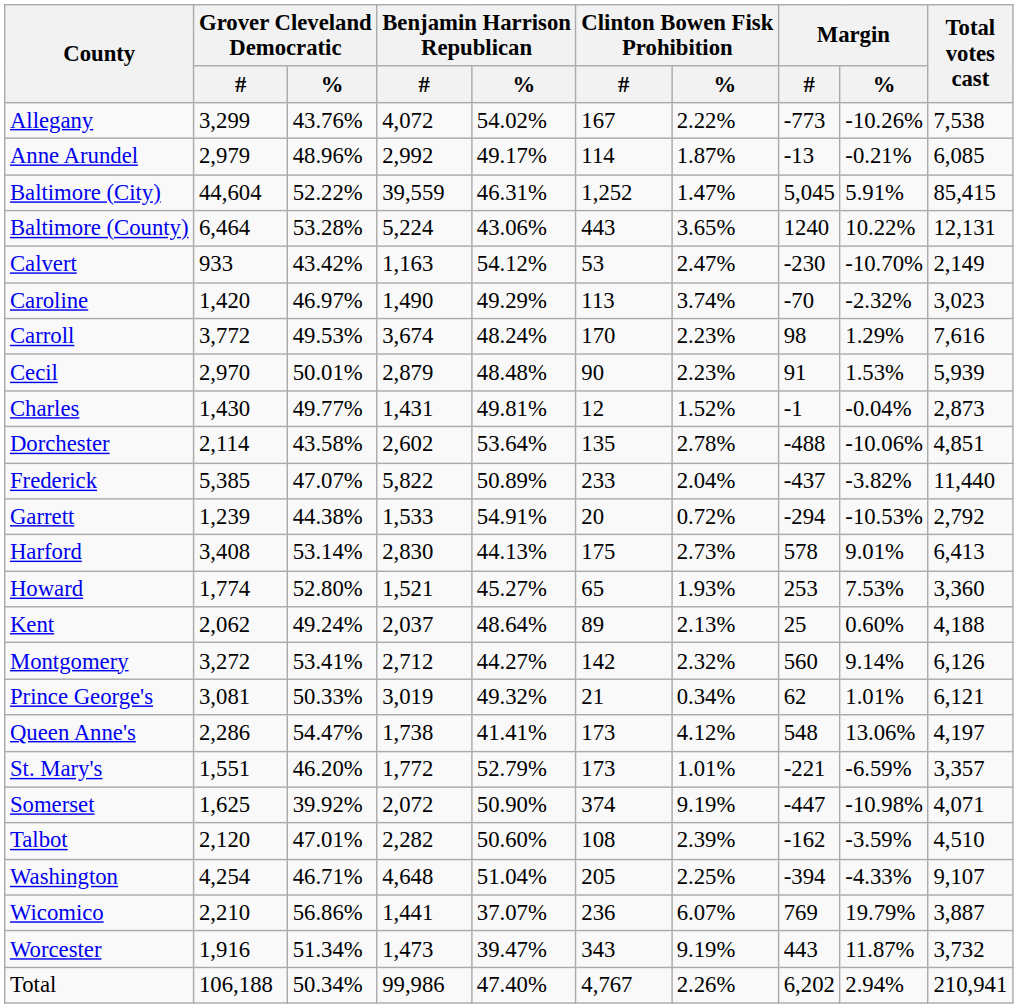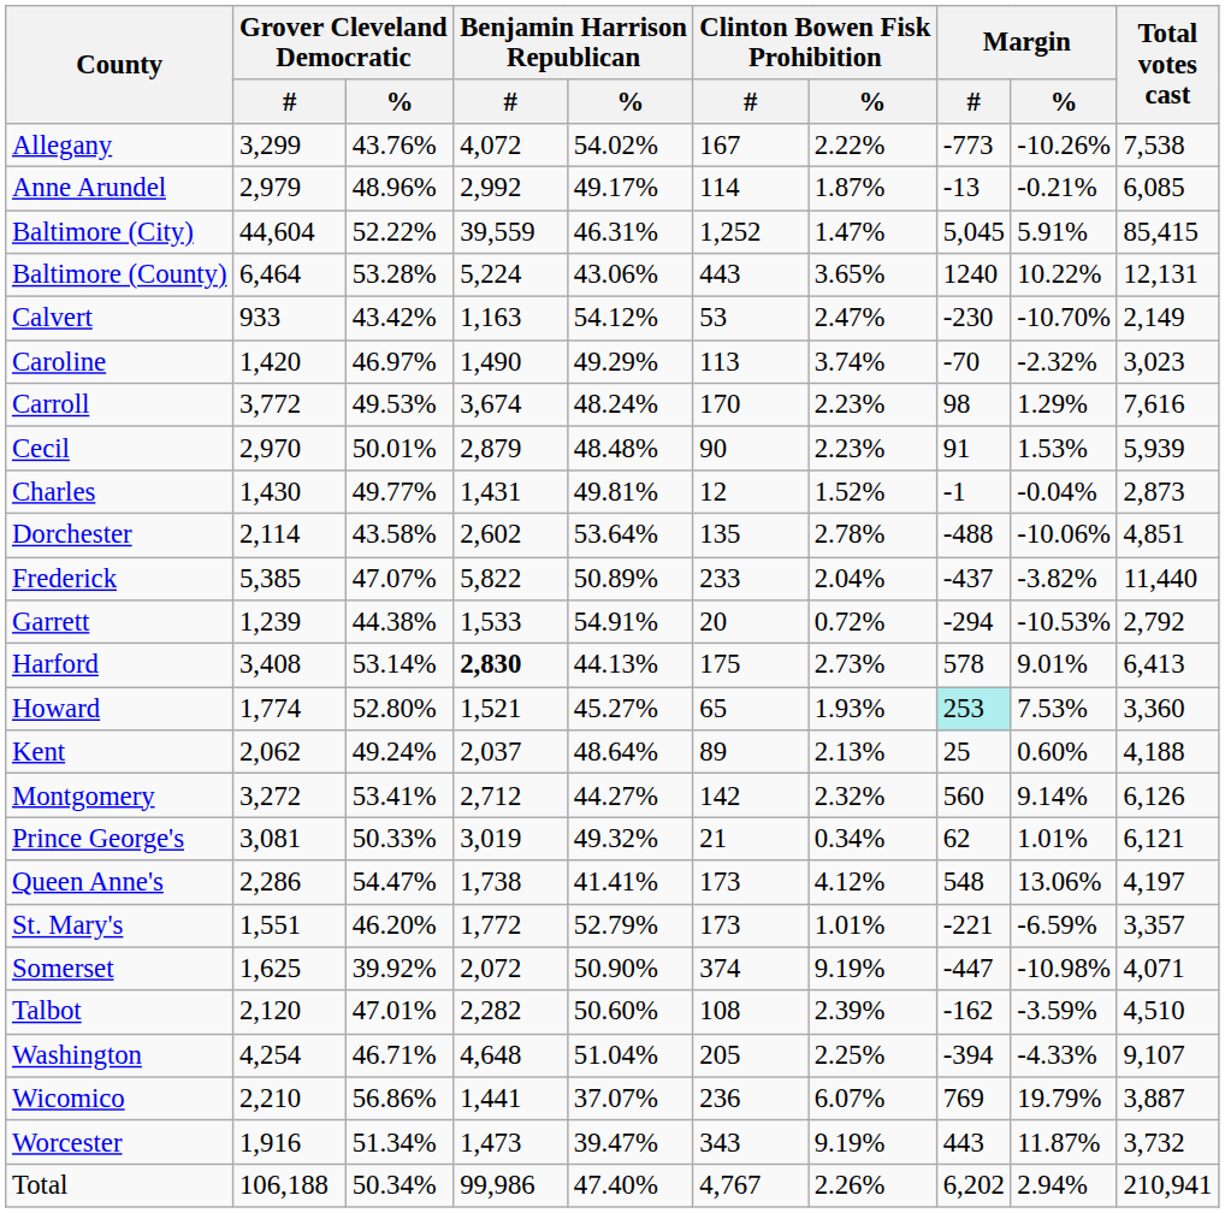 <table class="wikitable sortable">
 <tr>
 <th rowspan="2">County</th>
 <th colspan="2" >Grover Cleveland<br>Democratic</th>
 <th colspan="2" >Benjamin Harrison<br>Republican</th>
 <th colspan="2" >Clinton Bowen Fisk<br>Prohibition</th>
 <th colspan="2">Margin</th>
 <th rowspan="2">Total<br>votes<br>cast</th>
 </tr>
 <tr>
 <th>#</th>
 <th>%</th>
 <th>#</th>
 <th>%</th>
 <th>#</th>
 <th>%</th>
 <th>#</th>
 <th>%</th>
 </tr>
 <tr>
 <td><a href='#'>Allegany</a></td>
 <td>3,299</td>
 <td>43.76%</td>
 <td>4,072</td>
 <td>54.02%</td>
 <td>167</td>
 <td>2.22%</td>
 <td>-773</td>
 <td>-10.26%</td>
 <td>7,538</td>
 </tr>
 <tr>
 <td><a href='#'>Anne Arundel</a></td>
 <td>2,979</td>
 <td>48.96%</td>
 <td>2,992</td>
 <td>49.17%</td>
 <td>114</td>
 <td>1.87%</td>
 <td>-13</td>
 <td>-0.21%</td>
 <td>6,085</td>
 </tr>
 <tr>
 <td><a href='#'>Baltimore (City)</a></td>
 <td>44,604</td>
 <td>52.22%</td>
 <td>39,559</td>
 <td>46.31%</td>
 <td>1,252</td>
 <td>1.47%</td>
 <td>5,045</td>
 <td>5.91%</td>
 <td>85,415</td>
 </tr>
 <tr>
 <td><a href='#'>Baltimore (County)</a></td>
 <td>6,464</td>
 <td>53.28%</td>
 <td>5,224</td>
 <td>43.06%</td>
 <td>443</td>
 <td>3.65%</td>
 <td>1240</td>
 <td>10.22%</td>
 <td>12,131</td>
 </tr>
 <tr>
 <td><a href='#'>Calvert</a></td>
 <td>933</td>
 <td>43.42%</td>
 <td>1,163</td>
 <td>54.12%</td>
 <td>53</td>
 <td>2.47%</td>
 <td>-230</td>
 <td>-10.70%</td>
 <td>2,149</td>
 </tr>
 <tr>
 <td><a href='#'>Caroline</a></td>
 <td>1,420</td>
 <td>46.97%</td>
 <td>1,490</td>
 <td>49.29%</td>
 <td>113</td>
 <td>3.74%</td>
 <td>-70</td>
 <td>-2.32%</td>
 <td>3,023</td>
 </tr>
 <tr>
 <td><a href='#'>Carroll</a></td>
 <td>3,772</td>
 <td>49.53%</td>
 <td>3,674</td>
 <td>48.24%</td>
 <td>170</td>
 <td>2.23%</td>
 <td>98</td>
 <td>1.29%</td>
 <td>7,616</td>
 </tr>
 <tr>
 <td><a href='#'>Cecil</a></td>
 <td>2,970</td>
 <td>50.01%</td>
 <td>2,879</td>
 <td>48.48%</td>
 <td>90</td>
 <td>2.23%</td>
 <td>91</td>
 <td>1.53%</td>
 <td>5,939</td>
 </tr>
 <tr>
 <td><a href='#'>Charles</a></td>
 <td>1,430</td>
 <td>49.77%</td>
 <td>1,431</td>
 <td>49.81%</td>
 <td>12</td>
 <td>1.52%</td>
 <td>-1</td>
 <td>-0.04%</td>
 <td>2,873</td>
 </tr>
 <tr>
 <td><a href='#'>Dorchester</a></td>
 <td>2,114</td>
 <td>43.58%</td>
 <td>2,602</td>
 <td>53.64%</td>
 <td>135</td>
 <td>2.78%</td>
 <td>-488</td>
 <td>-10.06%</td>
 <td>4,851</td>
 </tr>
 <tr>
 <td><a href='#'>Frederick</a></td>
 <td>5,385</td>
 <td>47.07%</td>
 <td>5,822</td>
 <td>50.89%</td>
 <td>233</td>
 <td>2.04%</td>
 <td>-437</td>
 <td>-3.82%</td>
 <td>11,440</td>
 </tr>
 <tr>
 <td><a href='#'>Garrett</a></td>
 <td>1,239</td>
 <td>44.38%</td>
 <td>1,533</td>
 <td>54.91%</td>
 <td>20</td>
 <td>0.72%</td>
 <td>-294</td>
 <td>-10.53%</td>
 <td>2,792</td>
 </tr>
 <tr>
 <td><a href='#'>Harford</a></td>
 <td>3,408</td>
 <td>53.14%</td>
-<td>2,830</td>
+<td><strong>2,830</strong></td>
 <td>44.13%</td>
 <td>175</td>
 <td>2.73%</td>
 <td>578</td>
 <td>9.01%</td>
 <td>6,413</td>
 </tr>
 <tr>
 <td><a href='#'>Howard</a></td>
 <td>1,774</td>
 <td>52.80%</td>
 <td>1,521</td>
 <td>45.27%</td>
 <td>65</td>
 <td>1.93%</td>
-<td>253</td>
+<td style="background: paleturquoise;">253</td>
 <td>7.53%</td>
 <td>3,360</td>
 </tr>
 <tr>
 <td><a href='#'>Kent</a></td>
 <td>2,062</td>
 <td>49.24%</td>
 <td>2,037</td>
 <td>48.64%</td>
 <td>89</td>
 <td>2.13%</td>
 <td>25</td>
 <td>0.60%</td>
 <td>4,188</td>
 </tr>
 <tr>
 <td><a href='#'>Montgomery</a></td>
 <td>3,272</td>
 <td>53.41%</td>
 <td>2,712</td>
 <td>44.27%</td>
 <td>142</td>
 <td>2.32%</td>
 <td>560</td>
 <td>9.14%</td>
 <td>6,126</td>
 </tr>
 <tr>
 <td><a href='#'>Prince George's</a></td>
 <td>3,081</td>
 <td>50.33%</td>
 <td>3,019</td>
 <td>49.32%</td>
 <td>21</td>
 <td>0.34%</td>
 <td>62</td>
 <td>1.01%</td>
 <td>6,121</td>
 </tr>
 <tr>
 <td><a href='#'>Queen Anne's</a></td>
 <td>2,286</td>
 <td>54.47%</td>
 <td>1,738</td>
 <td>41.41%</td>
 <td>173</td>
 <td>4.12%</td>
 <td>548</td>
 <td>13.06%</td>
 <td>4,197</td>
 </tr>
 <tr>
 <td><a href='#'>St. Mary's</a></td>
 <td>1,551</td>
 <td>46.20%</td>
 <td>1,772</td>
 <td>52.79%</td>
 <td>173</td>
 <td>1.01%</td>
 <td>-221</td>
 <td>-6.59%</td>
 <td>3,357</td>
 </tr>
 <tr>
 <td><a href='#'>Somerset</a></td>
 <td>1,625</td>
 <td>39.92%</td>
 <td>2,072</td>
 <td>50.90%</td>
 <td>374</td>
 <td>9.19%</td>
 <td>-447</td>
 <td>-10.98%</td>
 <td>4,071</td>
 </tr>
 <tr>
 <td><a href='#'>Talbot</a></td>
 <td>2,120</td>
 <td>47.01%</td>
 <td>2,282</td>
 <td>50.60%</td>
 <td>108</td>
 <td>2.39%</td>
 <td>-162</td>
 <td>-3.59%</td>
 <td>4,510</td>
 </tr>
 <tr>
 <td><a href='#'>Washington</a></td>
 <td>4,254</td>
 <td>46.71%</td>
 <td>4,648</td>
 <td>51.04%</td>
 <td>205</td>
 <td>2.25%</td>
 <td>-394</td>
 <td>-4.33%</td>
 <td>9,107</td>
 </tr>
 <tr>
 <td><a href='#'>Wicomico</a></td>
 <td>2,210</td>
 <td>56.86%</td>
 <td>1,441</td>
 <td>37.07%</td>
 <td>236</td>
 <td>6.07%</td>
 <td>769</td>
 <td>19.79%</td>
 <td>3,887</td>
 </tr>
 <tr>
 <td><a href='#'>Worcester</a></td>
 <td>1,916</td>
 <td>51.34%</td>
 <td>1,473</td>
 <td>39.47%</td>
 <td>343</td>
 <td>9.19%</td>
 <td>443</td>
 <td>11.87%</td>
 <td>3,732</td>
 </tr>
 <tr>
 <td>Total</td>
 <td>106,188</td>
 <td>50.34%</td>
 <td>99,986</td>
 <td>47.40%</td>
 <td>4,767</td>
 <td>2.26%</td>
 <td>6,202</td>
 <td>2.94%</td>
 <td>210,941</td>
 </tr>
 </table>
